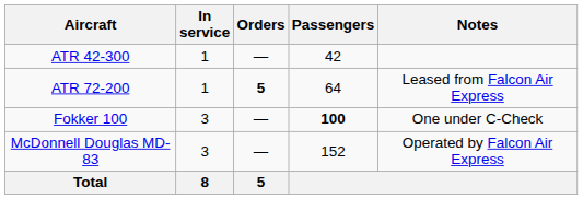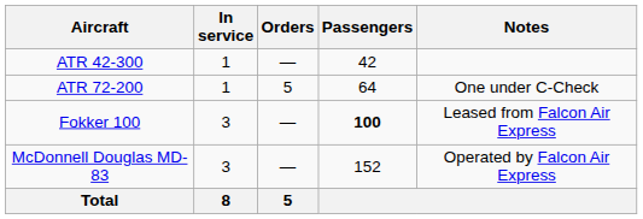 <table class="wikitable" style="margin:0.5em auto; text-align:center">
 <tr>
 <th>Aircraft</th>
 <th>In <br> service</th>
 <th>Orders</th>
 <th>Passengers</th>
 <th>Notes</th>
 </tr>
 <tr>
 <td><a href='#'>ATR 42-300</a></td>
 <td>1</td>
 <td>—</td>
 <td>42</td>
 <td></td>
 </tr>
 <tr>
 <td><a href='#'>ATR 72-200</a></td>
 <td>1</td>
-<td><strong>5</strong></td>
+<td>5</td>
 <td>64</td>
-<td>Leased from <a href='#'>Falcon Air Express</a></td>
+<td>One under C-Check</td>
 </tr>
 <tr>
 <td><a href='#'>Fokker 100</a></td>
 <td>3</td>
 <td>—</td>
 <td><strong>100</strong></td>
-<td>One under C-Check</td>
+<td>Leased from <a href='#'>Falcon Air Express</a></td>
 </tr>
 <tr>
 <td><a href='#'>McDonnell Douglas MD-83</a></td>
 <td>3</td>
 <td>—</td>
 <td>152</td>
 <td>Operated by <a href='#'>Falcon Air Express</a></td>
 </tr>
 <tr>
 <th>Total</th>
 <th>8</th>
 <th>5</th>
 <th colspan=2></th>
 </tr>
 </table>
